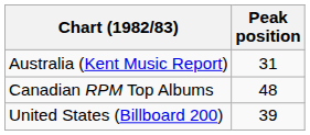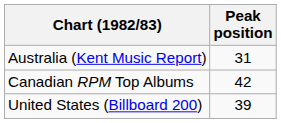 <table class="wikitable">
 <tr>
 <th scope="col">Chart (1982/83)</th>
 <th>Peak<br>position</th>
 </tr>
 <tr>
 <td>Australia (<a href='#'>Kent Music Report</a>)</td>
 <td style="text-align:center;">31</td>
 </tr>
 <tr>
 <td>Canadian <em>RPM</em> Top Albums</td>
-<td style="text-align:center;">48</td>
+<td style="text-align:center;">42</td>
 </tr>
 <tr>
 <td>United States (<a href='#'>Billboard 200</a>)</td>
 <td style="text-align:center;">39</td>
 </tr>
 </table>
